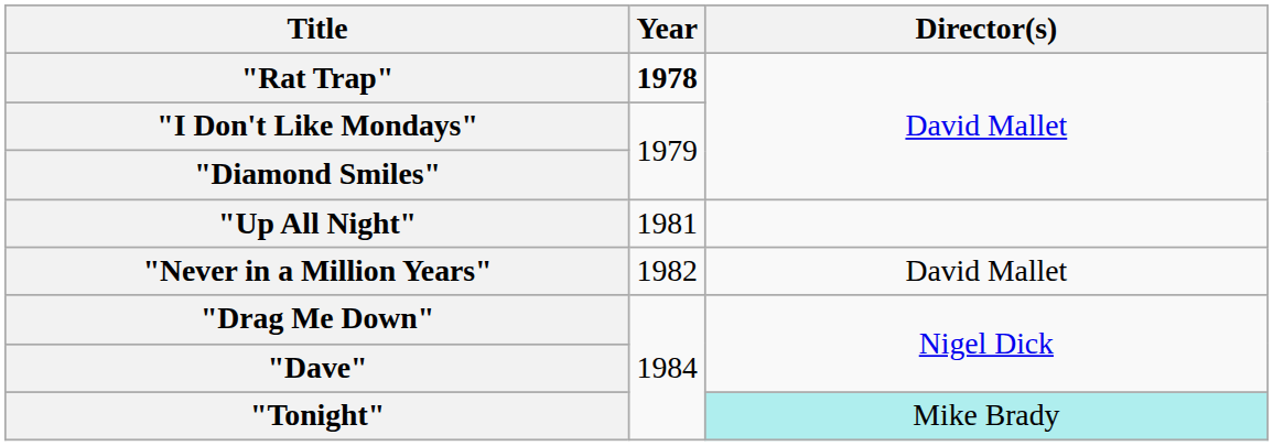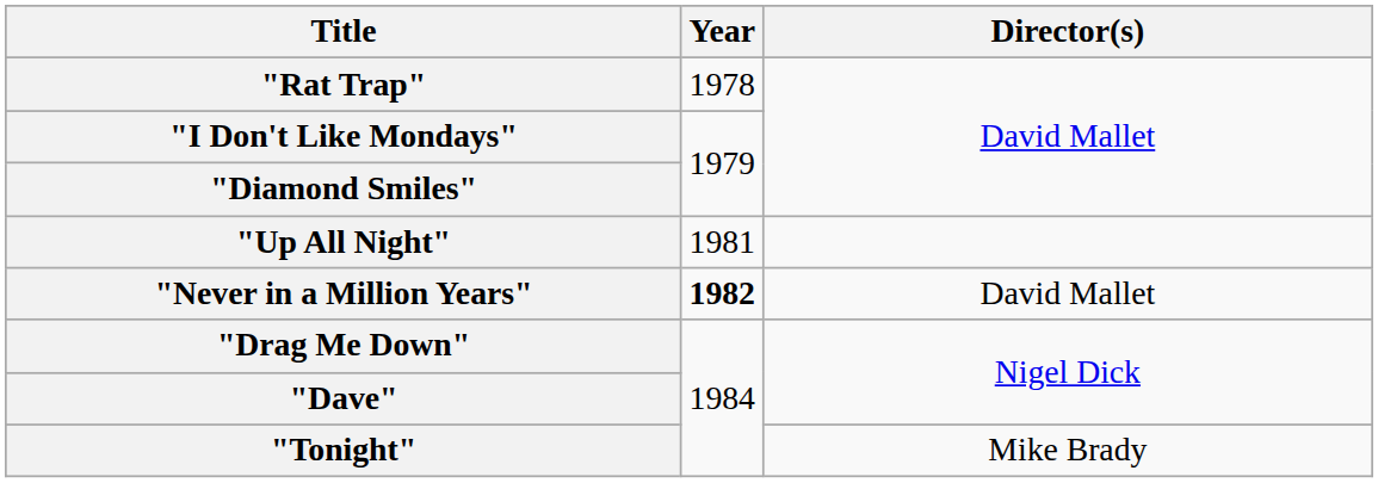 <table class="wikitable plainrowheaders" style="text-align:center;">
 <tr>
 <th scope="col" style="width:20em;">Title</th>
 <th scope="col">Year</th>
 <th scope="col" style="width:18em;">Director(s)</th>
 </tr>
 <tr>
 <th scope="row">"Rat Trap"</th>
-<td><strong>1978</strong></td>
+<td>1978</td>
 <td rowspan="3"><a href='#'>David Mallet</a></td>
 </tr>
 <tr>
 <th scope="row">"I Don't Like Mondays"</th>
 <td rowspan="2">1979</td>
 </tr>
 <tr>
 <th scope="row">"Diamond Smiles"</th>
 </tr>
 <tr>
 <th scope="row">"Up All Night"</th>
 <td>1981</td>
 <td></td>
 </tr>
 <tr>
 <th scope="row">"Never in a Million Years"</th>
-<td>1982</td>
+<td><strong>1982</strong></td>
 <td>David Mallet</td>
 </tr>
 <tr>
 <th scope="row">"Drag Me Down"</th>
 <td rowspan="3">1984</td>
 <td rowspan="2"><a href='#'>Nigel Dick</a></td>
 </tr>
 <tr>
 <th scope="row">"Dave"</th>
 </tr>
 <tr>
 <th scope="row">"Tonight"</th>
-<td style="background: paleturquoise;">Mike Brady</td>
+<td>Mike Brady</td>
 </tr>
 </table>
